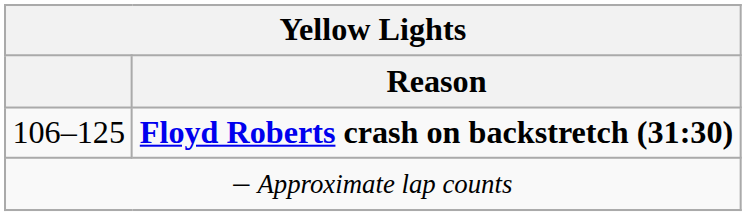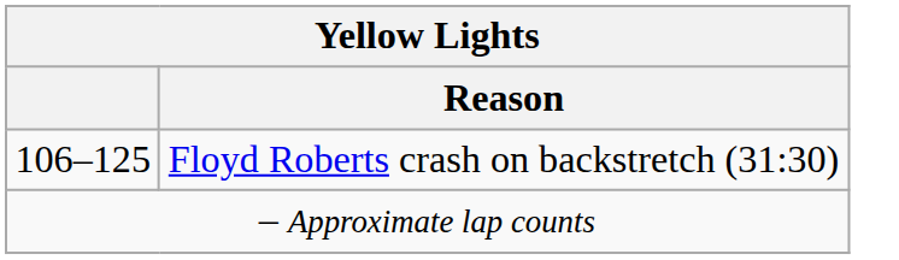 <table class="wikitable">
 <tr>
 <th colspan=2>Yellow Lights</th>
 </tr>
 <tr>
 <th></th>
 <th>Reason</th>
 </tr>
 <tr>
 <td>106–125</td>
-<td><strong><a href='#'>Floyd Roberts</a> crash on backstretch (31:30)</strong></td>
+<td><a href='#'>Floyd Roberts</a> crash on backstretch (31:30)</td>
 </tr>
 <tr>
 <td colspan=2 align=center> – <em><small>Approximate lap counts</small></em></td>
 </tr>
 </table>
